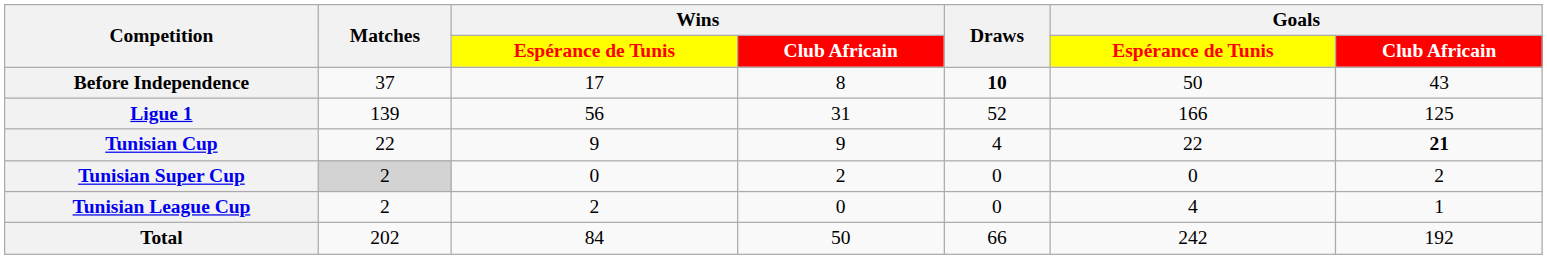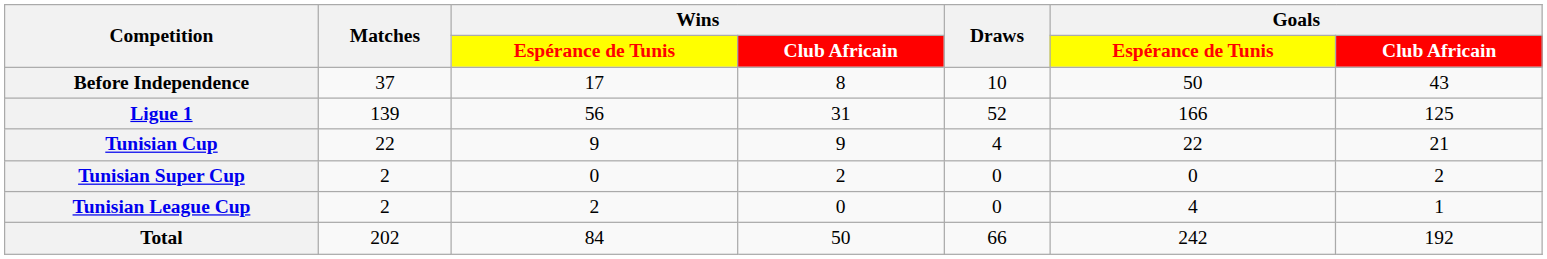 <table class="wikitable" style="font-size:99%; width: 99%; text-align: center;">
 <tr>
 <th rowspan="2">Competition</th>
 <th rowspan="2">Matches</th>
 <th colspan="2">Wins</th>
 <th rowspan="2">Draws</th>
 <th colspan="2">Goals</th>
 </tr>
 <tr>
 <th style="color:#ff0000; background:#ffff00;">Espérance de Tunis</th>
 <th style="color:#fff; background:#ff0000;">Club Africain</th>
 <th style="color:#ff0000; background:#ffff00;">Espérance de Tunis</th>
 <th style="color:#fff; background:#ff0000;">Club Africain</th>
 </tr>
 <tr>
 <th><strong>Before Independence</strong></th>
 <td>37</td>
 <td>17</td>
 <td>8</td>
-<td><strong>10</strong></td>
+<td>10</td>
 <td>50</td>
 <td>43</td>
 </tr>
 <tr>
 <th><a href='#'>Ligue 1</a></th>
 <td>139</td>
 <td>56</td>
 <td>31</td>
 <td>52</td>
 <td>166</td>
 <td>125</td>
 </tr>
 <tr>
 <th><a href='#'>Tunisian Cup</a></th>
 <td>22</td>
 <td>9</td>
 <td>9</td>
 <td>4</td>
 <td>22</td>
-<td><strong>21</strong></td>
+<td>21</td>
 </tr>
 <tr>
 <th><a href='#'>Tunisian Super Cup</a></th>
-<td style="background: lightgrey;">2</td>
+<td>2</td>
 <td>0</td>
 <td>2</td>
 <td>0</td>
 <td>0</td>
 <td>2</td>
 </tr>
 <tr>
 <th><a href='#'>Tunisian League Cup</a></th>
 <td>2</td>
 <td>2</td>
 <td>0</td>
 <td>0</td>
 <td>4</td>
 <td>1</td>
 </tr>
 <tr>
 <th>Total</th>
 <td>202</td>
 <td>84</td>
 <td>50</td>
 <td>66</td>
 <td>242</td>
 <td>192</td>
 </tr>
 </table>
